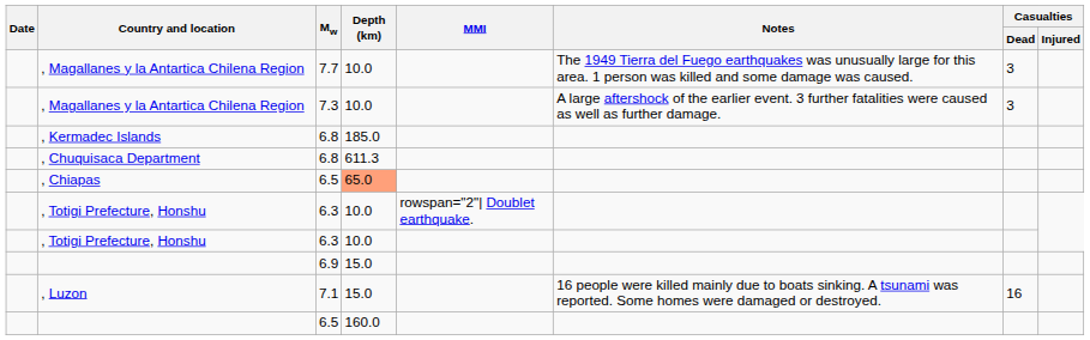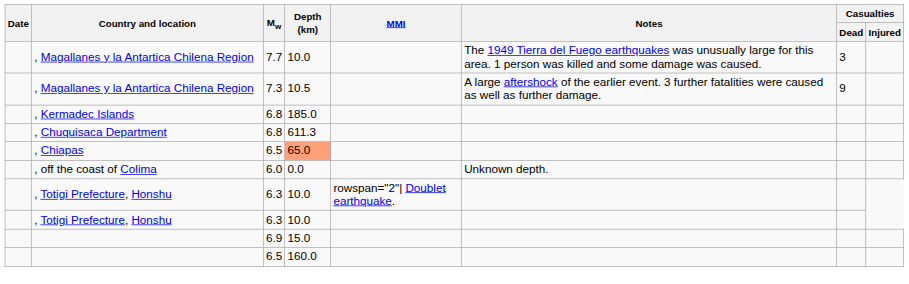 <table class="wikitable sortable sort-under" style="border:1px black; margin-left:1em;">
 <tr>
 <th rowspan="2"><small>Date</small></th>
 <th rowspan="2" style="width: 310px"><small>Country and location</small></th>
 <th rowspan="2"><small>M<sub>w</sub></small></th>
 <th rowspan="2"><small>Depth (km)</small></th>
 <th rowspan="2"><small><a href='#'>MMI</a></small></th>
 <th rowspan="2" class="unsortable"><small>Notes</small></th>
 <th colspan="2"><small>Casualties</small></th>
 </tr>
 <tr>
 <th><small>Dead</small></th>
 <th><small>Injured</small></th>
 </tr>
 <tr>
 <td></td>
 <td>, <a href='#'>Magallanes y la Antartica Chilena Region</a></td>
 <td>7.7</td>
 <td>10.0</td>
 <td></td>
 <td>The <a href='#'>1949 Tierra del Fuego earthquakes</a> was unusually large for this area. 1 person was killed and some damage was caused.</td>
 <td>3</td>
 <td></td>
 </tr>
 <tr>
 <td></td>
 <td>, <a href='#'>Magallanes y la Antartica Chilena Region</a></td>
 <td>7.3</td>
-<td>10.0</td>
+<td>10.5</td>
 <td></td>
 <td>A large <a href='#'>aftershock</a> of the earlier event. 3 further fatalities were caused as well as further damage.</td>
-<td>3</td>
+<td>9</td>
 <td></td>
 </tr>
 <tr>
 <td></td>
 <td>, <a href='#'>Kermadec Islands</a></td>
 <td>6.8</td>
 <td>185.0</td>
 <td></td>
 <td></td>
 <td></td>
 <td></td>
 </tr>
 <tr>
 <td></td>
 <td>, <a href='#'>Chuquisaca Department</a></td>
 <td>6.8</td>
 <td>611.3</td>
 <td></td>
 <td></td>
 <td></td>
 <td></td>
 </tr>
 <tr>
 <td></td>
 <td>, <a href='#'>Chiapas</a></td>
 <td>6.5</td>
 <td style="background: lightsalmon;">65.0</td>
 <td></td>
 <td></td>
 <td></td>
 <td></td>
 </tr>
 <tr>
 <td></td>
+<td>, off the coast of <a href='#'>Colima</a></td>
+<td>6.0</td>
+<td>0.0</td>
+<td></td>
+<td>Unknown depth.</td>
+<td></td>
+<td></td>
+</tr>
+<tr>
+<td></td>
 <td>, <a href='#'>Totigi Prefecture</a>, <a href='#'>Honshu</a></td>
 <td>6.3</td>
 <td>10.0</td>
 <td>rowspan="2"| <a href='#'>Doublet earthquake</a>.</td>
 <td></td>
 <td></td>
 </tr>
 <tr>
 <td></td>
 <td>, <a href='#'>Totigi Prefecture</a>, <a href='#'>Honshu</a></td>
 <td>6.3</td>
 <td>10.0</td>
 <td></td>
 <td></td>
 <td></td>
 </tr>
 <tr>
 <td></td>
 <td></td>
 <td>6.9</td>
 <td>15.0</td>
 <td></td>
 <td></td>
 <td></td>
 <td></td>
 </tr>
 <tr>
 <td></td>
-<td>, <a href='#'>Luzon</a></td>
-<td>7.1</td>
-<td>15.0</td>
-<td></td>
-<td>16 people were killed mainly due to boats sinking. A <a href='#'>tsunami</a> was reported. Some homes were damaged or destroyed.</td>
-<td>16</td>
-<td></td>
-</tr>
-<tr>
-<td></td>
 <td></td>
 <td>6.5</td>
 <td>160.0</td>
 <td></td>
 <td></td>
 <td></td>
 <td></td>
 </tr>
 </table>
